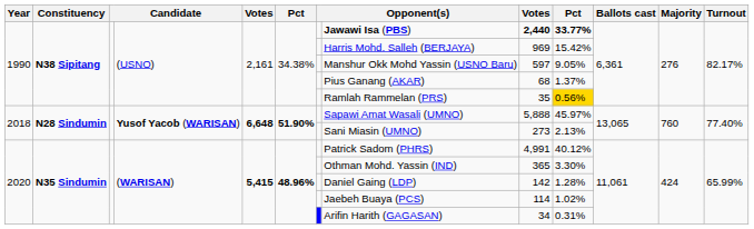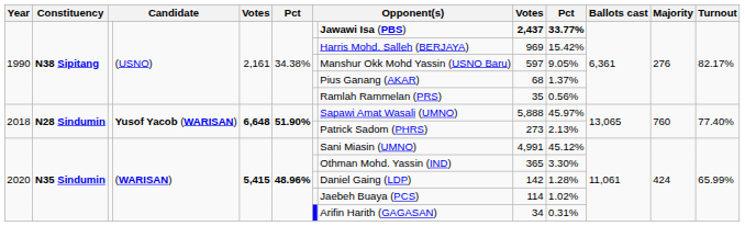 <table class="wikitable" style="margin:0.5em ; font-size:95%">
 <tr>
 <th>Year</th>
 <th>Constituency</th>
 <th colspan=2>Candidate</th>
 <th>Votes</th>
 <th>Pct</th>
 <th colspan=2>Opponent(s)</th>
 <th>Votes</th>
 <th>Pct</th>
 <th>Ballots cast</th>
 <th>Majority</th>
 <th>Turnout</th>
 </tr>
 <tr>
 <td rowspan=5>1990</td>
 <td rowspan=5><strong>N38 <a href='#'>Sipitang</a></strong></td>
 <td rowspan=5></td>
 <td rowspan=5> (<a href='#'>USNO</a>)</td>
 <td rowspan=5 align="right">2,161</td>
 <td rowspan=5>34.38%</td>
 <td></td>
 <td><strong>Jawawi Isa</strong> (<a href='#'><strong>PBS</strong></a>)</td>
-<td align="right"><strong>2,440</strong></td>
+<td align="right"><strong>2,437</strong></td>
 <td><strong>33.77%</strong></td>
 <td rowspan=5>6,361</td>
 <td rowspan=5>276</td>
 <td rowspan=5>82.17%</td>
 </tr>
 <tr>
 <td></td>
 <td><a href='#'>Harris Mohd. Salleh</a> (<a href='#'>BERJAYA</a>)</td>
 <td align="right">969</td>
 <td>15.42%</td>
 </tr>
 <tr>
 <td></td>
 <td>Manshur Okk Mohd Yassin (<a href='#'>USNO Baru</a>)</td>
 <td align="right">597</td>
 <td>9.05%</td>
 </tr>
 <tr>
 <td></td>
 <td>Pius Ganang (<a href='#'>AKAR</a>)</td>
 <td align="right">68</td>
 <td>1.37%</td>
 </tr>
 <tr>
 <td></td>
 <td>Ramlah Rammelan (<a href='#'>PRS</a>)</td>
 <td align="right">35</td>
-<td style="background: gold;">0.56%</td>
+<td>0.56%</td>
 </tr>
 <tr>
 <td rowspan=2>2018</td>
 <td rowspan=2><strong>N28 <a href='#'>Sindumin</a></strong></td>
 <td rowspan=2 ></td>
 <td rowspan=2><strong>Yusof Yacob</strong> (<a href='#'><strong>WARISAN</strong></a>)</td>
 <td rowspan=2 align="right"><strong>6,648</strong></td>
 <td rowspan=2><strong>51.90%</strong></td>
 <td></td>
 <td><a href='#'>Sapawi Amat Wasali</a> (<a href='#'>UMNO</a>)</td>
 <td align="right">5,888</td>
 <td>45.97%</td>
 <td rowspan=2>13,065</td>
 <td rowspan=2>760</td>
 <td rowspan=2>77.40%</td>
 </tr>
 <tr>
 <td></td>
-<td>Sani Miasin (<a href='#'>UMNO</a>)</td>
+<td>Patrick Sadom (<a href='#'>PHRS</a>)</td>
 <td align="right">273</td>
 <td>2.13%</td>
 </tr>
 <tr>
 <td rowspan=5>2020</td>
 <td rowspan=5><strong>N35 <a href='#'>Sindumin</a></strong></td>
 <td rowspan=5 ></td>
 <td rowspan=5> (<a href='#'><strong>WARISAN</strong></a>)</td>
 <td rowspan=5 align="right"><strong>5,415</strong></td>
 <td rowspan=5><strong>48.96%</strong></td>
 <td></td>
-<td>Patrick Sadom (<a href='#'>PHRS</a>)</td>
+<td>Sani Miasin (<a href='#'>UMNO</a>)</td>
 <td align="right">4,991</td>
-<td>40.12%</td>
+<td>45.12%</td>
 <td rowspan=5>11,061</td>
 <td rowspan=5>424</td>
 <td rowspan=5>65.99%</td>
 </tr>
 <tr>
 <td bgcolor=></td>
 <td>Othman Mohd. Yassin (<a href='#'>IND</a>)</td>
 <td align="right">365</td>
 <td>3.30%</td>
 </tr>
 <tr>
 <td></td>
 <td>Daniel Gaing (<a href='#'>LDP</a>)</td>
 <td align="right">142</td>
 <td>1.28%</td>
 </tr>
 <tr>
 <td></td>
 <td>Jaebeh Buaya (<a href='#'>PCS</a>)</td>
 <td align="right">114</td>
 <td>1.02%</td>
 </tr>
 <tr>
 <td bgcolor=blue></td>
 <td>Arifin Harith (<a href='#'>GAGASAN</a>)</td>
 <td align="right">34</td>
 <td>0.31%</td>
 </tr>
 </table>
